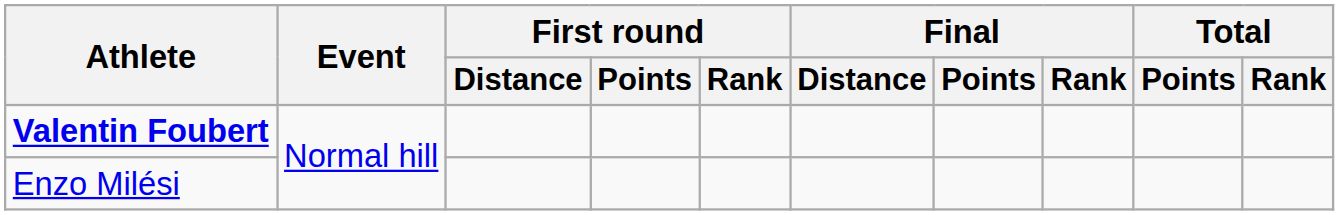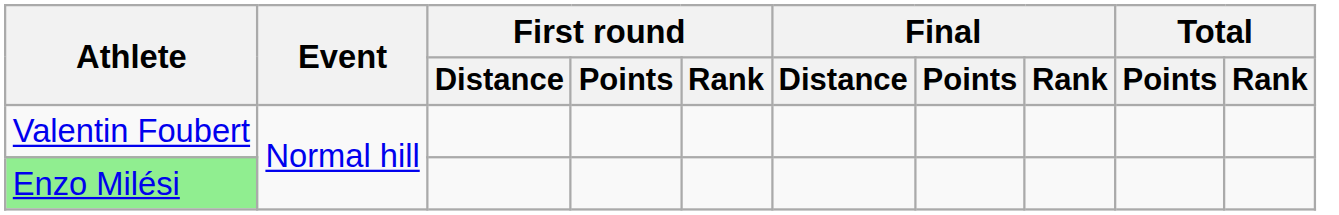 <table class="wikitable" style="font-size:90%">
 <tr>
 <th rowspan=2>Athlete</th>
 <th rowspan=2>Event</th>
 <th colspan=3>First round</th>
 <th colspan=3>Final</th>
 <th colspan=2>Total</th>
 </tr>
 <tr style="font-size:95%">
 <th>Distance</th>
 <th>Points</th>
 <th>Rank</th>
 <th>Distance</th>
 <th>Points</th>
 <th>Rank</th>
 <th>Points</th>
 <th>Rank</th>
 </tr>
 <tr align=center>
-<td align=left><strong><a href='#'>Valentin Foubert</a></strong></td>
+<td align=left><a href='#'>Valentin Foubert</a></td>
 <td align=left rowspan=2><a href='#'>Normal hill</a></td>
 <td></td>
 <td></td>
 <td></td>
 <td></td>
 <td></td>
 <td></td>
 <td></td>
 <td></td>
 </tr>
 <tr align=center>
-<td align=left><a href='#'>Enzo Milési</a></td>
+<td align=left style="background: lightgreen;"><a href='#'>Enzo Milési</a></td>
 <td></td>
 <td></td>
 <td></td>
 <td></td>
 <td></td>
 <td></td>
 <td></td>
 <td></td>
 </tr>
 </table>
